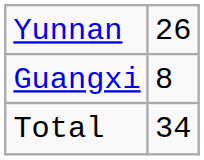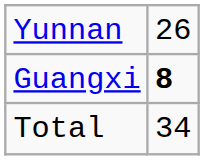 <table class="wikitable" style="float: right; margin:0 1em 0.5em 1em;">
 <tr>
 <td><a href='#'>Yunnan</a></td>
 <td>26</td>
 </tr>
 <tr>
 <td><a href='#'>Guangxi</a></td>
-<td>8</td>
+<td><strong>8</strong></td>
 </tr>
 <tr>
 <td>Total</td>
 <td>34</td>
 </tr>
 </table>
